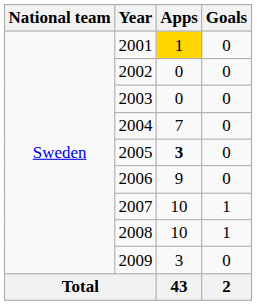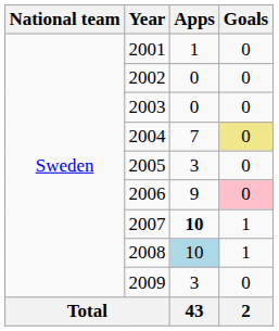 <table class="wikitable" style="text-align:center">
 <tr>
 <th>National team</th>
 <th>Year</th>
 <th>Apps</th>
 <th>Goals</th>
 </tr>
 <tr>
 <td rowspan="9"><a href='#'>Sweden</a></td>
 <td>2001</td>
-<td style="background: gold;">1</td>
+<td>1</td>
 <td>0</td>
 </tr>
 <tr>
 <td>2002</td>
 <td>0</td>
 <td>0</td>
 </tr>
 <tr>
 <td>2003</td>
 <td>0</td>
 <td>0</td>
 </tr>
 <tr>
 <td>2004</td>
 <td>7</td>
-<td>0</td>
+<td style="background: khaki;">0</td>
 </tr>
 <tr>
 <td>2005</td>
-<td><strong>3</strong></td>
+<td>3</td>
 <td>0</td>
 </tr>
 <tr>
 <td>2006</td>
 <td>9</td>
-<td>0</td>
+<td style="background: pink;">0</td>
 </tr>
 <tr>
 <td>2007</td>
-<td>10</td>
+<td><strong>10</strong></td>
 <td>1</td>
 </tr>
 <tr>
 <td>2008</td>
-<td>10</td>
+<td style="background: lightblue;">10</td>
 <td>1</td>
 </tr>
 <tr>
 <td>2009</td>
 <td>3</td>
 <td>0</td>
 </tr>
 <tr>
 <th colspan="2">Total</th>
 <th>43</th>
 <th>2</th>
 </tr>
 </table>
